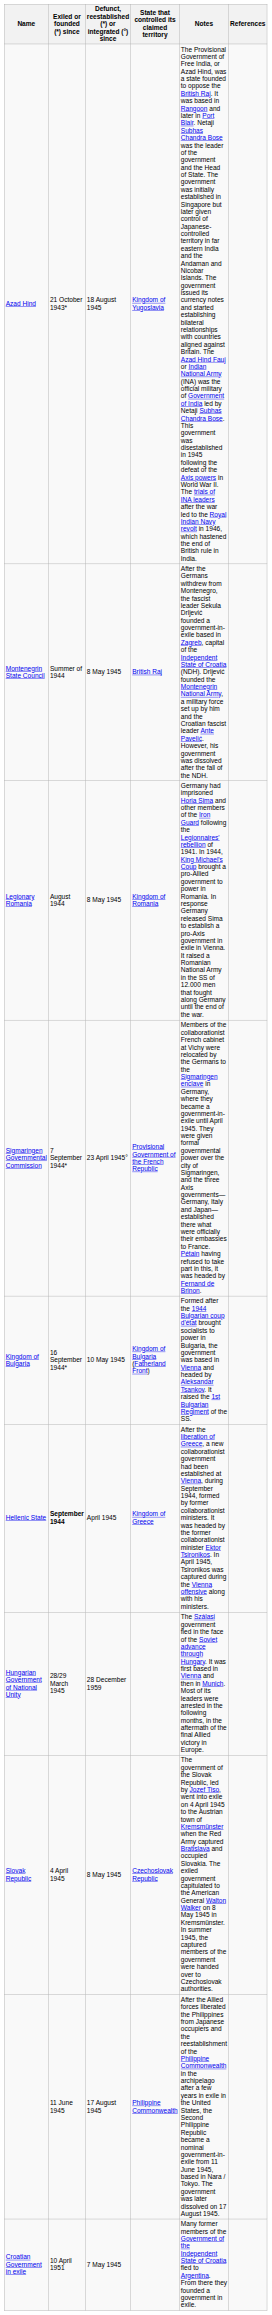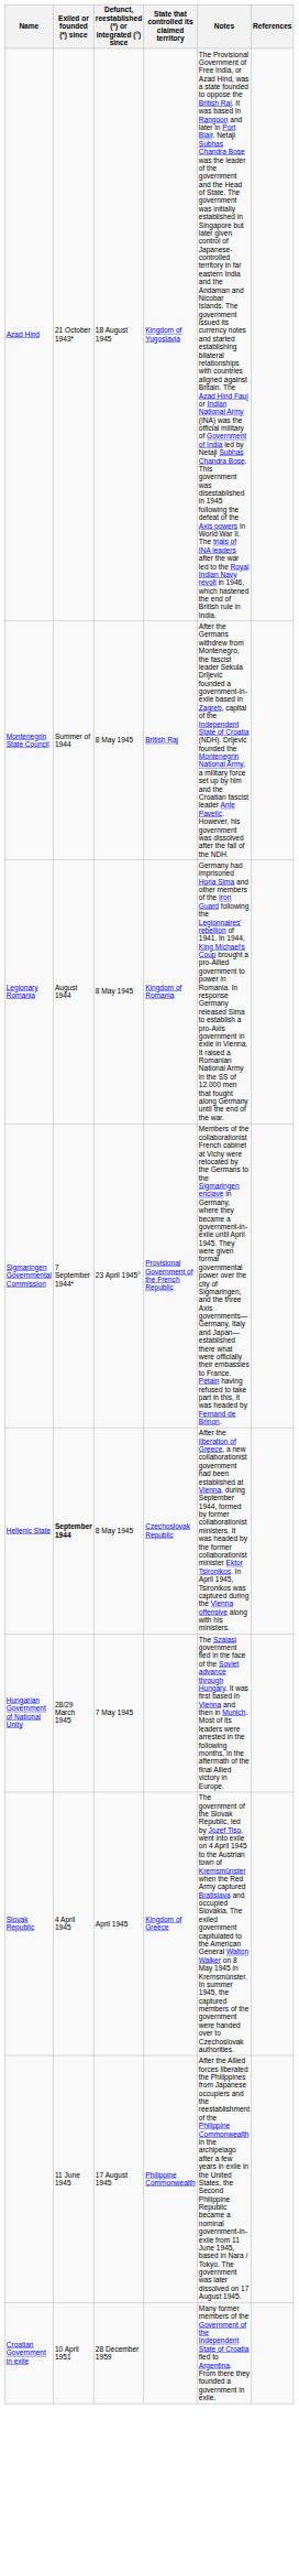 <table class="sortable wikitable" style="width: 100%">
 <tr>
 <th style="width:20%;" class="unsortable">Name</th>
 <th style="width:5%;" class="unsortable">Exiled or founded (*) since</th>
 <th style="width:5%;" class="unsortable">Defunct, reestablished (*) or integrated (°) since</th>
 <th style="width:15%;" class="unsortable">State that controlled its claimed territory</th>
 <th style="width:50%;" class="unsortable">Notes</th>
 <th style="width:5%;" class="unsortable">References</th>
 </tr>
 <tr>
 <td> <a href='#'>Azad Hind</a></td>
 <td>21 October 1943*</td>
 <td>18 August 1945</td>
 <td> <a href='#'>Kingdom of Yugoslavia</a></td>
 <td>The Provisional Government of Free India, or Azad Hind, was a state founded to oppose the <a href='#'>British Raj</a>. It was based in <a href='#'>Rangoon</a> and later in <a href='#'>Port Blair</a>. Netaji <a href='#'>Subhas Chandra Bose</a> was the leader of the government and the Head of State. The government was initially established in Singapore but later given control of Japanese-controlled territory in far eastern India and the Andaman and Nicobar Islands. The government issued its currency notes and started establishing bilateral relationships with countries aligned against Britain. The <a href='#'>Azad Hind Fauj</a> or <a href='#'>Indian National Army</a> (INA) was the official military of <a href='#'>Government of India</a> led by Netaji <a href='#'>Subhas Chandra Bose</a>. This government was disestablished in 1945 following the defeat of the <a href='#'>Axis powers</a> in World War II. The <a href='#'>trials of INA leaders</a> after the war led to the <a href='#'>Royal Indian Navy revolt</a> in 1946, which hastened the end of British rule in India.</td>
 <td align=center></td>
 </tr>
 <tr>
 <td> <a href='#'>Montenegrin State Council</a></td>
 <td>Summer of 1944</td>
 <td>8 May 1945</td>
 <td> <a href='#'>British Raj</a></td>
 <td>After the Germans withdrew from Montenegro, the fascist leader Sekula Drljević founded a government-in-exile based in <a href='#'>Zagreb</a>, capital of the <a href='#'>Independent State of Croatia</a> (NDH). Drljević founded the <a href='#'>Montenegrin National Army</a>, a military force set up by him and the Croatian fascist leader <a href='#'>Ante Pavelić</a>. However, his government was dissolved after the fall of the NDH.</td>
 <td align=center></td>
 </tr>
 <tr>
 <td> <a href='#'>Legionary Romania</a></td>
 <td>August 1944</td>
 <td>8 May 1945</td>
 <td> <a href='#'>Kingdom of Romania</a></td>
 <td>Germany had imprisoned <a href='#'>Horia Sima</a> and other members of the <a href='#'>Iron Guard</a> following the <a href='#'>Legionnaires' rebellion</a> of 1941. In 1944, <a href='#'>King Michael's Coup</a> brought a pro-Allied government to power in Romania. In response Germany released Sima to establish a pro-Axis government in exile in Vienna. It raised a Romanian National Army in the SS of 12.000 men that fought along Germany until the end of the war.</td>
 <td align=center></td>
 </tr>
 <tr>
 <td> <a href='#'>Sigmaringen Governmental Commission</a></td>
 <td>7 September 1944*</td>
 <td>23 April 1945°</td>
 <td> <a href='#'>Provisional Government of the French Republic</a></td>
 <td>Members of the collaborationist French cabinet at Vichy were relocated by the Germans to the <a href='#'>Sigmaringen enclave</a> in Germany, where they became a government-in-exile until April 1945. They were given formal governmental power over the city of Sigmaringen, and the three Axis governments—Germany, Italy and Japan—established there what were officially their embassies to France. <a href='#'>Pétain</a> having refused to take part in this, it was headed by <a href='#'>Fernand de Brinon</a>.</td>
 <td align=center></td>
 </tr>
 <tr>
-<td> <a href='#'>Kingdom of Bulgaria</a></td>
-<td>16 September 1944*</td>
-<td>10 May 1945</td>
-<td> <a href='#'>Kingdom of Bulgaria</a> (<a href='#'>Fatherland Front</a>)</td>
-<td>Formed after the <a href='#'>1944 Bulgarian coup d'état</a> brought socialists to power in Bulgaria, the government was based in <a href='#'>Vienna</a> and headed by <a href='#'>Aleksandar Tsankov</a>. It raised the <a href='#'>1st Bulgarian Regiment</a> of the SS.</td>
-<td align=center></td>
-</tr>
-<tr>
 <td> <a href='#'>Hellenic State</a></td>
 <td><strong>September 1944</strong></td>
-<td>April 1945</td>
-<td> <a href='#'>Kingdom of Greece</a></td>
+<td>8 May 1945</td>
+<td> <a href='#'>Czechoslovak Republic</a></td>
 <td>After the <a href='#'>liberation of Greece</a>, a new collaborationist government had been established at <a href='#'>Vienna</a>, during September 1944, formed by former collaborationist ministers. It was headed by the former collaborationist minister <a href='#'>Ektor Tsironikos</a>. In April 1945, Tsironikos was captured during the <a href='#'>Vienna offensive</a> along with his ministers.</td>
 <td align=center></td>
 </tr>
 <tr>
 <td> <a href='#'>Hungarian Government of National Unity</a></td>
 <td>28/29 March 1945</td>
-<td>28 December 1959</td>
+<td>7 May 1945</td>
 <td></td>
 <td>The <a href='#'>Szálasi</a> government fled in the face of the <a href='#'>Soviet advance through Hungary</a>. It was first based in <a href='#'>Vienna</a> and then in <a href='#'>Munich</a>. Most of its leaders were arrested in the following months, in the aftermath of the final Allied victory in Europe.</td>
 <td align=center></td>
 </tr>
 <tr>
 <td> <a href='#'>Slovak Republic</a></td>
 <td>4 April 1945</td>
-<td>8 May 1945</td>
-<td> <a href='#'>Czechoslovak Republic</a></td>
+<td>April 1945</td>
+<td> <a href='#'>Kingdom of Greece</a></td>
 <td>The government of the Slovak Republic, led by <a href='#'>Jozef Tiso</a>, went into exile on 4 April 1945 to the Austrian town of <a href='#'>Kremsmünster</a> when the Red Army captured <a href='#'>Bratislava</a> and occupied Slovakia. The exiled government capitulated to the American General <a href='#'>Walton Walker</a> on 8 May 1945 in Kremsmünster. In summer 1945, the captured members of the government were handed over to Czechoslovak authorities.</td>
 <td align=center></td>
 </tr>
 <tr>
 <td></td>
 <td>11 June 1945</td>
 <td>17 August 1945</td>
 <td> <a href='#'>Philippine Commonwealth</a></td>
 <td>After the Allied forces liberated the Philippines from Japanese occupiers and the reestablishment of the <a href='#'>Philippine Commonwealth</a> in the archipelago after a few years in exile in the United States, the Second Philippine Republic became a nominal government-in-exile from 11 June 1945, based in Nara / Tokyo. The government was later dissolved on 17 August 1945.</td>
 <td align=center></td>
 </tr>
 <tr>
 <td> <a href='#'>Croatian Government in exile</a></td>
 <td>10 April 1951</td>
-<td>7 May 1945</td>
+<td>28 December 1959</td>
 <td></td>
 <td>Many former members of the <a href='#'>Government of the Independent State of Croatia</a> fled to <a href='#'>Argentina</a>. From there they founded a government in exile.</td>
 <td align=center></td>
 </tr>
 </table>
